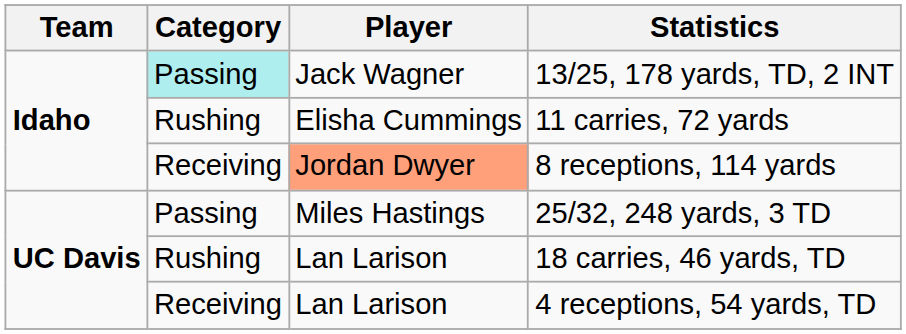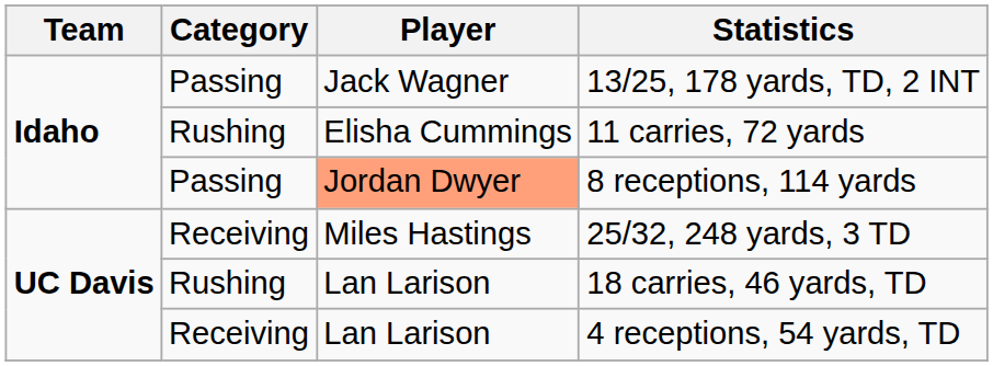 <table class="wikitable" style="float: right;">
 <tr>
 <th>Team</th>
 <th>Category</th>
 <th>Player</th>
 <th>Statistics</th>
 </tr>
 <tr>
 <td rowspan=3><strong>Idaho</strong></td>
-<td style="background: paleturquoise;">Passing</td>
+<td>Passing</td>
 <td>Jack Wagner</td>
 <td>13/25, 178 yards, TD, 2 INT</td>
 </tr>
 <tr>
 <td>Rushing</td>
 <td>Elisha Cummings</td>
 <td>11 carries, 72 yards</td>
 </tr>
 <tr>
-<td>Receiving</td>
+<td>Passing</td>
 <td style="background: lightsalmon;">Jordan Dwyer</td>
 <td>8 receptions, 114 yards</td>
 </tr>
 <tr>
 <td rowspan=3><strong>UC Davis</strong></td>
-<td>Passing</td>
+<td>Receiving</td>
 <td>Miles Hastings</td>
 <td>25/32, 248 yards, 3 TD</td>
 </tr>
 <tr>
 <td>Rushing</td>
 <td>Lan Larison</td>
 <td>18 carries, 46 yards, TD</td>
 </tr>
 <tr>
 <td>Receiving</td>
 <td>Lan Larison</td>
 <td>4 receptions, 54 yards, TD</td>
 </tr>
 </table>
